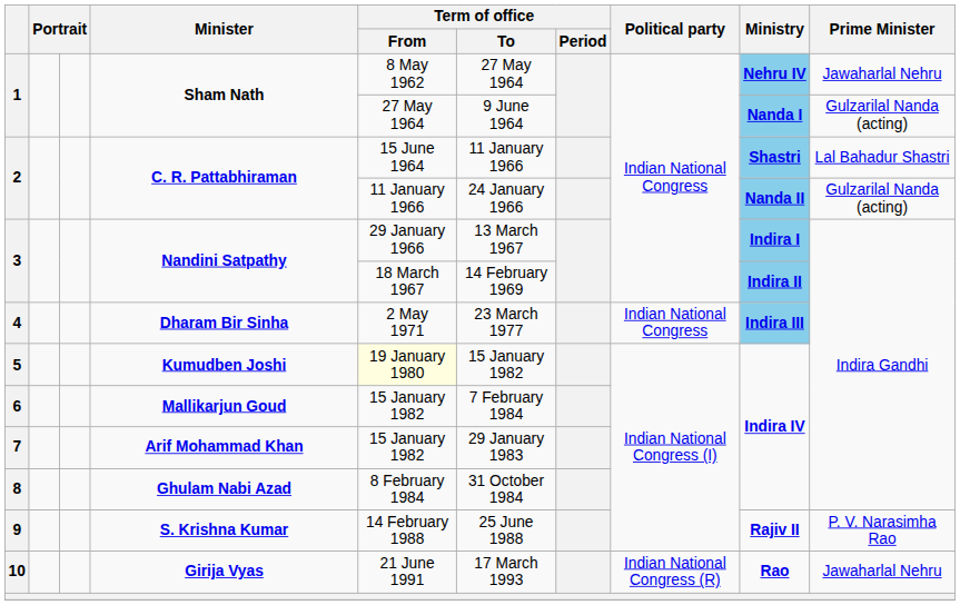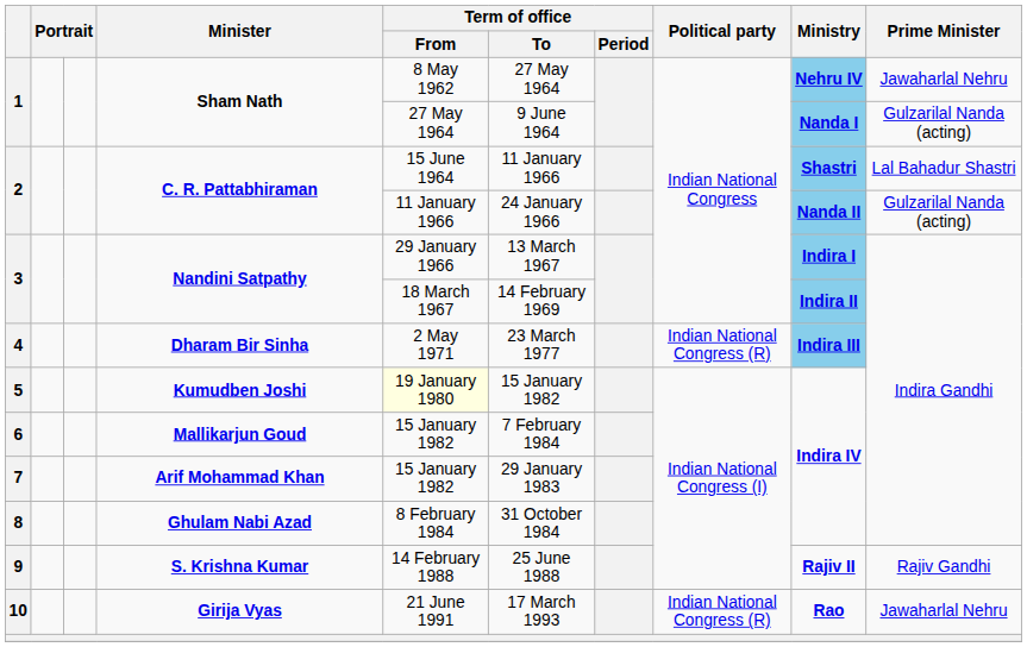 <table class="wikitable" style="text-align:center">
 <tr>
 <th rowspan="2"></th>
 <th rowspan="2" colspan="2">Portrait</th>
 <th rowspan="2" style="width:17em">Minister<br></th>
 <th colspan="3">Term of office</th>
 <th rowspan="2" style="width:8em">Political party</th>
 <th rowspan="2">Ministry</th>
 <th rowspan="2" style="width:9em">Prime Minister</th>
 </tr>
 <tr>
 <th style="width:6em">From</th>
 <th style="width:6em">To</th>
 <th>Period</th>
 </tr>
 <tr>
 <th rowspan="2">1</th>
 <td rowspan="2"></td>
 <td rowspan="2"></td>
 <td rowspan="2"><strong>Sham Nath</strong><br></td>
 <td>8 May<br>1962</td>
 <td>27 May<br>1964</td>
 <th rowspan="2"></th>
 <td rowspan="6"><a href='#'>Indian National Congress</a></td>
 <td bgcolor="#87CEEB"><strong><a href='#'>Nehru IV</a></strong></td>
 <td><a href='#'>Jawaharlal Nehru</a></td>
 </tr>
 <tr>
 <td>27 May<br>1964</td>
 <td>9 June<br>1964</td>
 <td bgcolor="#87CEEB"><strong><a href='#'>Nanda I</a></strong></td>
 <td><a href='#'>Gulzarilal Nanda</a><br>(acting)</td>
 </tr>
 <tr>
 <th rowspan="2">2</th>
 <td rowspan="2"></td>
 <td rowspan="2"></td>
 <td rowspan="2"><strong><a href='#'>C. R. Pattabhiraman</a></strong><br></td>
 <td>15 June<br>1964</td>
 <td>11 January<br>1966</td>
 <th></th>
 <td bgcolor="#87CEEB"><strong><a href='#'>Shastri</a></strong></td>
 <td><a href='#'>Lal Bahadur Shastri</a></td>
 </tr>
 <tr>
 <td>11 January<br>1966</td>
 <td>24 January<br>1966</td>
 <th></th>
 <td bgcolor="#87CEEB"><strong><a href='#'>Nanda II</a></strong></td>
 <td><a href='#'>Gulzarilal Nanda</a><br>(acting)</td>
 </tr>
 <tr>
 <th rowspan="2">3</th>
 <td rowspan="2"></td>
 <td rowspan="2"></td>
 <td rowspan="2"><strong><a href='#'>Nandini Satpathy</a></strong><br></td>
 <td>29 January<br>1966</td>
 <td>13 March<br>1967</td>
 <th rowspan="2"></th>
 <td bgcolor="#87CEEB"><strong><a href='#'>Indira I</a></strong></td>
 <td rowspan="7"><a href='#'>Indira Gandhi</a></td>
 </tr>
 <tr>
 <td>18 March<br>1967</td>
 <td>14 February<br>1969</td>
 <td bgcolor="#87CEEB"><strong><a href='#'>Indira II</a></strong></td>
 </tr>
 <tr>
 <th>4</th>
 <td></td>
 <td></td>
 <td><strong><a href='#'>Dharam Bir Sinha</a></strong><br></td>
 <td>2 May<br>1971</td>
 <td>23 March<br>1977</td>
 <th></th>
-<td><a href='#'>Indian National Congress</a></td>
+<td><a href='#'>Indian National Congress (R)</a></td>
 <td bgcolor="#87CEEB"><strong><a href='#'>Indira III</a></strong></td>
 </tr>
 <tr>
 <th>5</th>
 <td></td>
 <td></td>
 <td><strong><a href='#'>Kumudben Joshi</a></strong><br></td>
 <td style="background: lightyellow;">19 January<br>1980</td>
 <td>15 January<br>1982</td>
 <th></th>
 <td rowspan="5"><a href='#'>Indian National Congress (I)</a></td>
 <td rowspan="4"><strong><a href='#'>Indira IV</a></strong></td>
 </tr>
 <tr>
 <th>6</th>
 <td></td>
 <td></td>
 <td><strong><a href='#'>Mallikarjun Goud</a></strong><br></td>
 <td>15 January<br>1982</td>
 <td>7 February<br>1984</td>
 <th></th>
 </tr>
 <tr>
 <th>7</th>
 <td></td>
 <td></td>
 <td><strong><a href='#'>Arif Mohammad Khan</a></strong><br></td>
 <td>15 January<br>1982</td>
 <td>29 January<br>1983</td>
 <th></th>
 </tr>
 <tr>
 <th>8</th>
 <td></td>
 <td></td>
 <td><strong><a href='#'>Ghulam Nabi Azad</a></strong><br></td>
 <td>8 February<br>1984</td>
 <td>31 October<br>1984</td>
 <th></th>
 </tr>
 <tr>
 <th>9</th>
 <td></td>
 <td></td>
 <td><strong><a href='#'>S. Krishna Kumar</a></strong><br></td>
 <td>14 February<br>1988</td>
 <td>25 June<br>1988</td>
 <th></th>
 <td><strong><a href='#'>Rajiv II</a></strong></td>
-<td><a href='#'>P. V. Narasimha Rao</a></td>
+<td><a href='#'>Rajiv Gandhi</a></td>
 </tr>
 <tr>
 <th>10</th>
 <td></td>
 <td></td>
 <td><strong><a href='#'>Girija Vyas</a></strong><br></td>
 <td>21 June<br>1991</td>
 <td>17 March<br>1993</td>
 <th></th>
 <td><a href='#'>Indian National Congress (R)</a></td>
 <td><a href='#'><strong>Rao</strong></a></td>
 <td><a href='#'>Jawaharlal Nehru</a></td>
 </tr>
 <tr>
 <th colspan="10"></th>
 </tr>
 <tr>
 </tr>
 </table>
